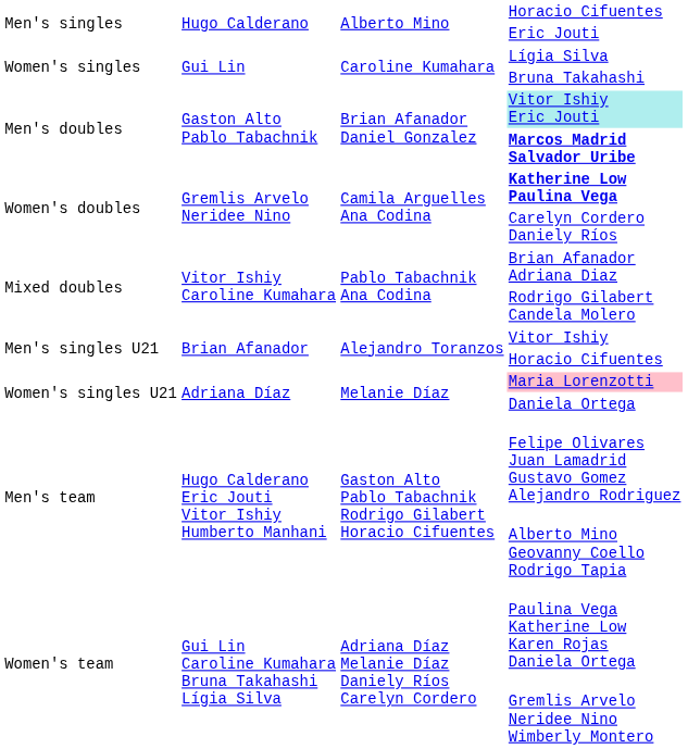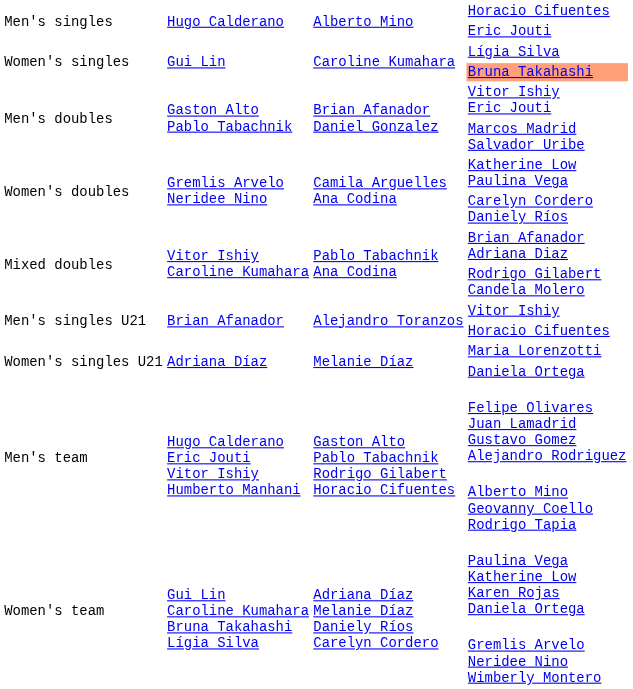 <table>
 <tr>
 <td rowspan=2>Men's singles</td>
 <td rowspan=2> <a href='#'>Hugo Calderano</a></td>
 <td rowspan=2> <a href='#'>Alberto Mino</a></td>
 <td> <a href='#'>Horacio Cifuentes</a></td>
 </tr>
 <tr>
 <td> <a href='#'>Eric Jouti</a></td>
 </tr>
 <tr>
 <td rowspan=2>Women's singles</td>
 <td rowspan=2> <a href='#'>Gui Lin</a></td>
 <td rowspan=2> <a href='#'>Caroline Kumahara</a></td>
 <td> <a href='#'>Lígia Silva</a></td>
 </tr>
 <tr>
-<td> <a href='#'>Bruna Takahashi</a></td>
+<td style="background: lightsalmon;"> <a href='#'>Bruna Takahashi</a></td>
 </tr>
 <tr>
 <td rowspan=2>Men's doubles</td>
 <td rowspan=2> <a href='#'>Gaston Alto</a><br> <a href='#'>Pablo Tabachnik</a></td>
 <td rowspan=2> <a href='#'>Brian Afanador</a><br> <a href='#'>Daniel Gonzalez</a></td>
-<td style="background: paleturquoise;"> <a href='#'>Vitor Ishiy</a><br> <a href='#'>Eric Jouti</a></td>
+<td> <a href='#'>Vitor Ishiy</a><br> <a href='#'>Eric Jouti</a></td>
 </tr>
 <tr>
-<td><strong> <a href='#'>Marcos Madrid</a><br> <a href='#'>Salvador Uribe</a></strong></td>
+<td> <a href='#'>Marcos Madrid</a><br> <a href='#'>Salvador Uribe</a></td>
 </tr>
 <tr>
 <td rowspan=2>Women's doubles</td>
 <td rowspan=2> <a href='#'>Gremlis Arvelo</a><br> <a href='#'>Neridee Nino</a></td>
 <td rowspan=2> <a href='#'>Camila Arguelles</a><br> <a href='#'>Ana Codina</a></td>
-<td><strong> <a href='#'>Katherine Low</a><br> <a href='#'>Paulina Vega</a></strong></td>
+<td> <a href='#'>Katherine Low</a><br> <a href='#'>Paulina Vega</a></td>
 </tr>
 <tr>
 <td> <a href='#'>Carelyn Cordero</a><br> <a href='#'>Daniely Ríos</a></td>
 </tr>
 <tr>
 <td rowspan=2>Mixed doubles</td>
 <td rowspan=2> <a href='#'>Vitor Ishiy</a><br> <a href='#'>Caroline Kumahara</a></td>
 <td rowspan=2> <a href='#'>Pablo Tabachnik</a><br> <a href='#'>Ana Codina</a></td>
 <td> <a href='#'>Brian Afanador</a><br> <a href='#'>Adriana Diaz</a></td>
 </tr>
 <tr>
 <td> <a href='#'>Rodrigo Gilabert</a><br> <a href='#'>Candela Molero</a></td>
 </tr>
 <tr>
 <td rowspan=2>Men's singles U21</td>
 <td rowspan=2> <a href='#'>Brian Afanador</a></td>
 <td rowspan=2> <a href='#'>Alejandro Toranzos</a></td>
 <td> <a href='#'>Vitor Ishiy</a></td>
 </tr>
 <tr>
 <td> <a href='#'>Horacio Cifuentes</a></td>
 </tr>
 <tr>
 <td rowspan=2>Women's singles U21</td>
 <td rowspan=2> <a href='#'>Adriana Díaz</a></td>
 <td rowspan=2> <a href='#'>Melanie Díaz</a></td>
-<td style="background: pink;"> <a href='#'>Maria Lorenzotti</a></td>
+<td> <a href='#'>Maria Lorenzotti</a></td>
 </tr>
 <tr>
 <td> <a href='#'>Daniela Ortega</a></td>
 </tr>
 <tr>
 <td rowspan=2>Men's team</td>
 <td rowspan=2><br><a href='#'>Hugo Calderano</a><br><a href='#'>Eric Jouti</a><br><a href='#'>Vitor Ishiy</a><br><a href='#'>Humberto Manhani</a></td>
 <td rowspan=2><br><a href='#'>Gaston Alto</a><br><a href='#'>Pablo Tabachnik</a><br><a href='#'>Rodrigo Gilabert</a><br><a href='#'>Horacio Cifuentes</a></td>
 <td><br><a href='#'>Felipe Olivares</a><br><a href='#'>Juan Lamadrid</a><br><a href='#'>Gustavo Gomez</a><br><a href='#'>Alejandro Rodriguez</a></td>
 </tr>
 <tr>
 <td><br><a href='#'>Alberto Mino</a><br><a href='#'>Geovanny Coello</a><br><a href='#'>Rodrigo Tapia</a></td>
 </tr>
 <tr>
 <td rowspan=2>Women's team</td>
 <td rowspan=2><br><a href='#'>Gui Lin</a><br><a href='#'>Caroline Kumahara</a><br><a href='#'>Bruna Takahashi</a><br><a href='#'>Lígia Silva</a></td>
 <td rowspan=2><br><a href='#'>Adriana Díaz</a><br><a href='#'>Melanie Díaz</a><br><a href='#'>Daniely Ríos</a><br><a href='#'>Carelyn Cordero</a></td>
 <td><br><a href='#'>Paulina Vega</a><br><a href='#'>Katherine Low</a><br><a href='#'>Karen Rojas</a><br><a href='#'>Daniela Ortega</a></td>
 </tr>
 <tr>
 <td><br><a href='#'>Gremlis Arvelo</a><br><a href='#'>Neridee Nino</a><br><a href='#'>Wimberly Montero</a></td>
 </tr>
 </table>
